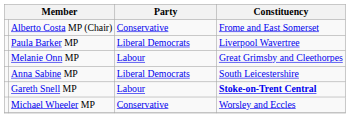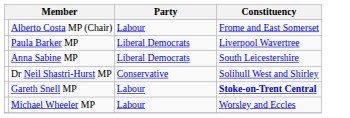 <table class="wikitable">
 <tr>
 <th width="160px" colspan="2" valign="top">Member</th>
 <th width="160px" valign="top">Party</th>
 <th valign="top">Constituency</th>
 </tr>
 <tr>
 <td style="color:inherit;background:"></td>
 <td><a href='#'>Alberto Costa</a> MP (Chair)</td>
-<td><a href='#'>Conservative</a></td>
+<td><a href='#'>Labour</a></td>
 <td><a href='#'>Frome and East Somerset</a></td>
 </tr>
 <tr>
 <td style="color:inherit;background:"></td>
 <td><a href='#'>Paula Barker</a> MP</td>
 <td><a href='#'>Liberal Democrats</a></td>
 <td><a href='#'>Liverpool Wavertree</a></td>
 </tr>
 <tr>
 <td style="color:inherit;background:"></td>
-<td><a href='#'>Melanie Onn</a> MP</td>
-<td><a href='#'>Labour</a></td>
-<td><a href='#'>Great Grimsby and Cleethorpes</a></td>
+<td><a href='#'>Anna Sabine</a> MP</td>
+<td><a href='#'>Liberal Democrats</a></td>
+<td><a href='#'>South Leicestershire</a></td>
 </tr>
 <tr>
 <td style="color:inherit;background:"></td>
-<td><a href='#'>Anna Sabine</a> MP</td>
-<td><a href='#'>Liberal Democrats</a></td>
-<td><a href='#'>South Leicestershire</a></td>
+<td>Dr <a href='#'>Neil Shastri-Hurst</a> MP</td>
+<td><a href='#'>Conservative</a></td>
+<td><a href='#'>Solihull West and Shirley</a></td>
 </tr>
 <tr>
 <td style="color:inherit;background:"></td>
 <td><a href='#'>Gareth Snell</a> MP</td>
 <td><a href='#'>Labour</a></td>
 <td><strong><a href='#'>Stoke-on-Trent Central</a></strong></td>
 </tr>
 <tr>
 <td style="color:inherit;background:"></td>
 <td><a href='#'>Michael Wheeler</a> MP</td>
-<td><a href='#'>Conservative</a></td>
+<td><a href='#'>Labour</a></td>
 <td><a href='#'>Worsley and Eccles</a></td>
 </tr>
 <tr>
 </tr>
 </table>
